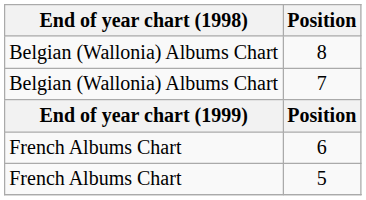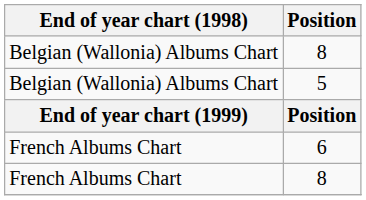 <table class="wikitable sortable">
 <tr>
 <th>End of year chart (1998)</th>
 <th align="center">Position</th>
 </tr>
 <tr>
 <td>Belgian (Wallonia) Albums Chart</td>
 <td align="center">8</td>
 </tr>
 <tr>
 <td>Belgian (Wallonia) Albums Chart</td>
-<td align="center">7</td>
+<td align="center">5</td>
 </tr>
 <tr>
 <th>End of year chart (1999)</th>
 <th align="center">Position</th>
 </tr>
 <tr>
 <td>French Albums Chart</td>
 <td align="center">6</td>
 </tr>
 <tr>
 <td>French Albums Chart</td>
-<td align="center">5</td>
+<td align="center">8</td>
 </tr>
 <tr>
 </tr>
 </table>
